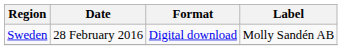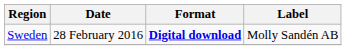 <table class=wikitable>
 <tr>
 <th>Region</th>
 <th>Date</th>
 <th>Format</th>
 <th>Label</th>
 </tr>
 <tr>
 <td><a href='#'>Sweden</a></td>
 <td>28 February 2016</td>
-<td><a href='#'>Digital download</a></td>
+<td><strong><a href='#'>Digital download</a></strong></td>
 <td>Molly Sandén AB</td>
 </tr>
 <tr>
 </tr>
 </table>
